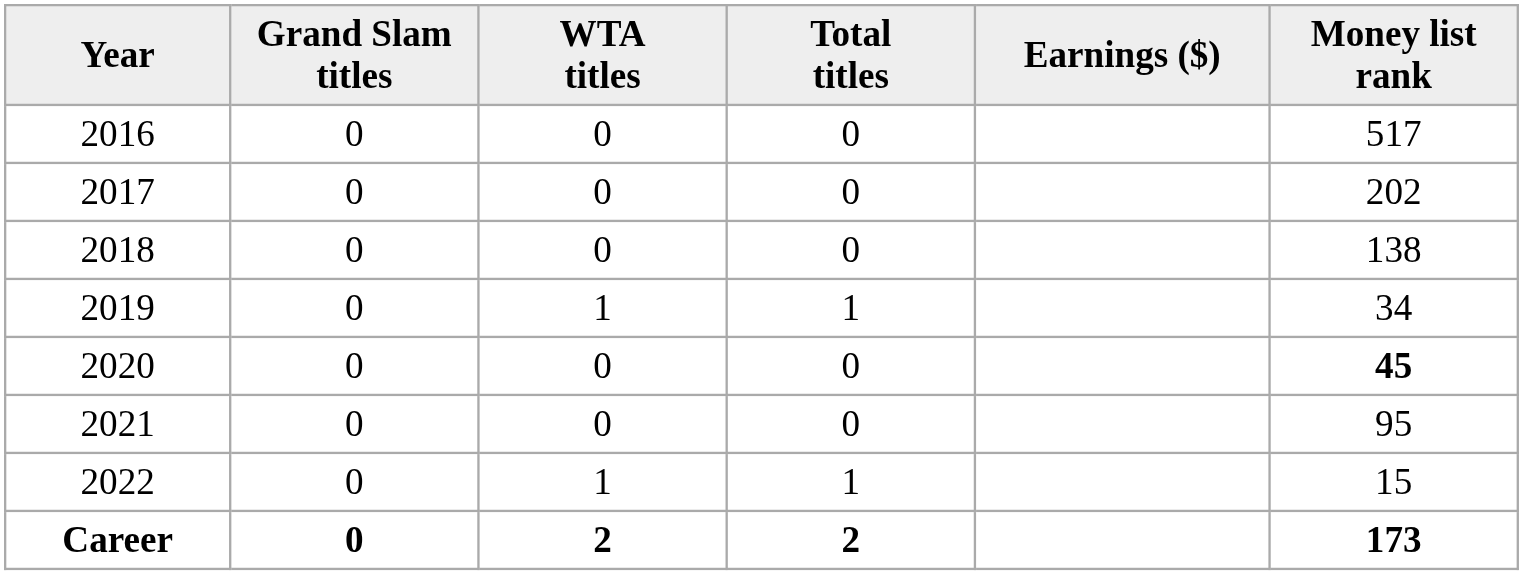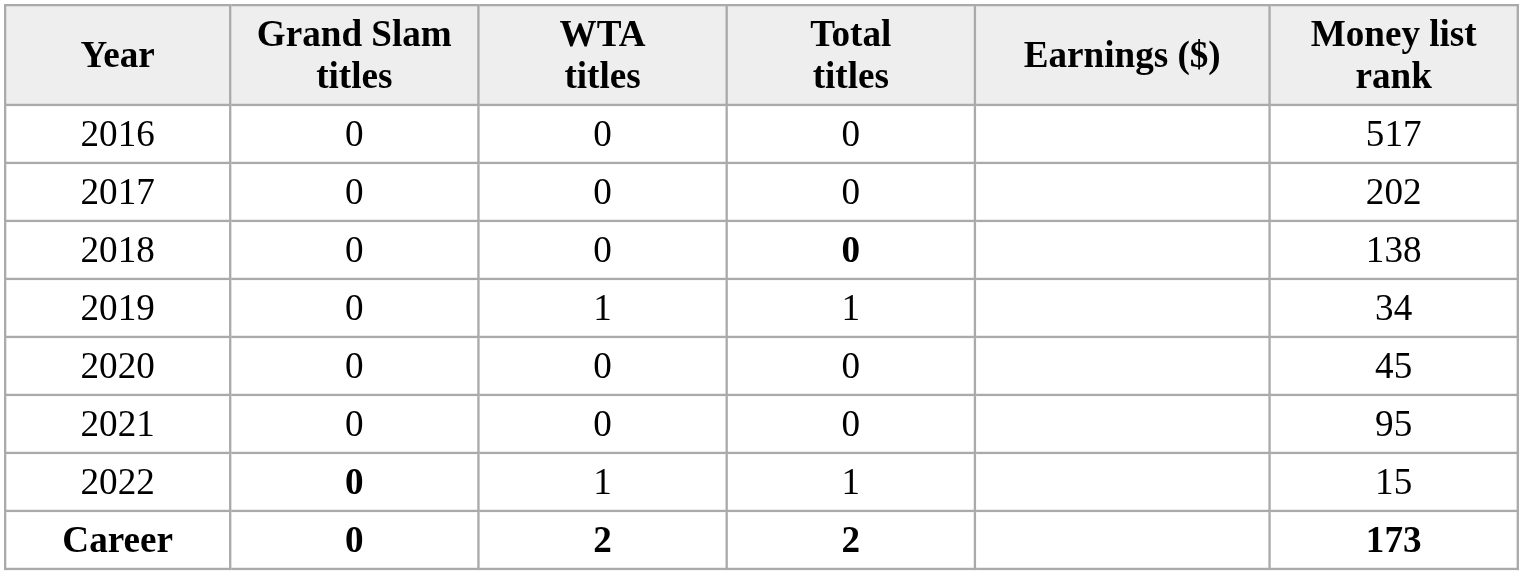 <table cellpadding=3 cellspacing=0 border=1 style=border:#aaa;solid:1px;border-collapse:collapse;text-align:center;>
 <tr style=background:#eee;font-weight:bold>
 <td width="90">Year</td>
 <td width="100">Grand Slam <br>titles</td>
 <td width="100">WTA <br>titles</td>
 <td width="100">Total <br>titles</td>
 <td width="120">Earnings ($)</td>
 <td width="100">Money list rank</td>
 </tr>
 <tr>
 <td>2016</td>
 <td>0</td>
 <td>0</td>
 <td>0</td>
 <td align="right"></td>
 <td>517</td>
 </tr>
 <tr>
 <td>2017</td>
 <td>0</td>
 <td>0</td>
 <td>0</td>
 <td align="right"></td>
 <td>202</td>
 </tr>
 <tr>
 <td>2018</td>
 <td>0</td>
 <td>0</td>
-<td>0</td>
+<td><strong>0</strong></td>
 <td align="right"></td>
 <td>138</td>
 </tr>
 <tr>
 <td>2019</td>
 <td>0</td>
 <td>1</td>
 <td>1</td>
 <td align="right"></td>
 <td>34</td>
 </tr>
 <tr>
 <td>2020</td>
 <td>0</td>
 <td>0</td>
 <td>0</td>
 <td align="right"></td>
-<td><strong>45</strong></td>
+<td>45</td>
 </tr>
 <tr>
 <td>2021</td>
 <td>0</td>
 <td>0</td>
 <td>0</td>
 <td align="right"></td>
 <td>95</td>
 </tr>
 <tr>
 <td>2022</td>
-<td>0</td>
+<td><strong>0</strong></td>
 <td>1</td>
 <td>1</td>
 <td align="right"></td>
 <td>15</td>
 </tr>
 <tr style="font-weight:bold;">
 <td>Career</td>
 <td>0</td>
 <td>2</td>
 <td>2</td>
 <td align="right"></td>
 <td>173</td>
 </tr>
 </table>
